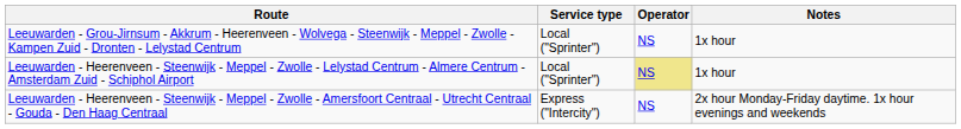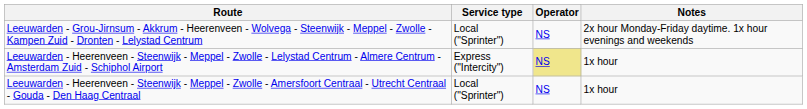 <table class="wikitable">
 <tr>
 <th>Route</th>
 <th>Service type</th>
 <th>Operator</th>
 <th>Notes</th>
 </tr>
 <tr>
 <td><a href='#'>Leeuwarden</a> - <a href='#'>Grou-Jirnsum</a> - <a href='#'>Akkrum</a> - Heerenveen - <a href='#'>Wolvega</a> - <a href='#'>Steenwijk</a> - <a href='#'>Meppel</a> - <a href='#'>Zwolle</a> - <a href='#'>Kampen Zuid</a> - <a href='#'>Dronten</a> - <a href='#'>Lelystad Centrum</a></td>
 <td>Local ("Sprinter")</td>
 <td><a href='#'>NS</a></td>
-<td>1x hour</td>
+<td>2x hour Monday-Friday daytime. 1x hour evenings and weekends</td>
 </tr>
 <tr>
 <td><a href='#'>Leeuwarden</a> - Heerenveen - <a href='#'>Steenwijk</a> - <a href='#'>Meppel</a> - <a href='#'>Zwolle</a> - <a href='#'>Lelystad Centrum</a> - <a href='#'>Almere Centrum</a> - <a href='#'>Amsterdam Zuid</a> - <a href='#'>Schiphol Airport</a></td>
-<td>Local ("Sprinter")</td>
+<td>Express ("Intercity")</td>
 <td style="background: khaki;"><a href='#'>NS</a></td>
 <td>1x hour</td>
 </tr>
 <tr>
 <td><a href='#'>Leeuwarden</a> - Heerenveen - <a href='#'>Steenwijk</a> - <a href='#'>Meppel</a> - <a href='#'>Zwolle</a> - <a href='#'>Amersfoort Centraal</a> - <a href='#'>Utrecht Centraal</a> - <a href='#'>Gouda</a> - <a href='#'>Den Haag Centraal</a></td>
-<td>Express ("Intercity")</td>
+<td>Local ("Sprinter")</td>
 <td><a href='#'>NS</a></td>
-<td>2x hour Monday-Friday daytime. 1x hour evenings and weekends</td>
+<td>1x hour</td>
 </tr>
 </table>
